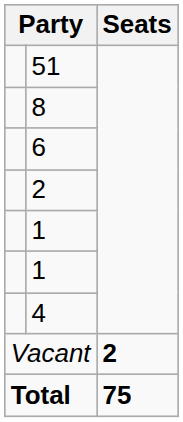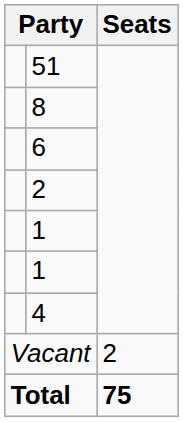 <table class="wikitable">
 <tr>
 <th colspan=2>Party</th>
 <th>Seats</th>
 </tr>
 <tr>
 <td></td>
 <td>51</td>
 </tr>
 <tr>
 <td></td>
 <td>8</td>
 </tr>
 <tr>
 <td></td>
 <td>6</td>
 </tr>
 <tr>
 <td></td>
 <td>2</td>
 </tr>
 <tr>
 <td></td>
 <td>1</td>
 </tr>
 <tr>
 <td></td>
 <td>1</td>
 </tr>
 <tr>
 <td></td>
 <td>4</td>
 </tr>
 <tr>
 <td colspan="2"><em>Vacant</em></td>
-<td><strong>2</strong></td>
+<td>2</td>
 </tr>
 <tr>
 <td colspan="2"><strong>Total</strong></td>
 <td><strong>75</strong></td>
 </tr>
 </table>
